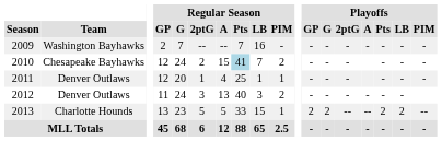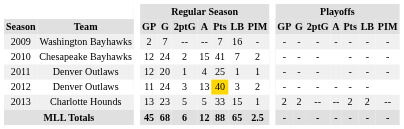 <table BORDER="0" CELLPADDING="3" CELLSPACING="0">
 <tr ALIGN="center" bgcolor="#e0e0e0">
 <th colspan="2" bgcolor="#ffffff"> </th>
 <th rowspan="99" bgcolor="#ffffff"> </th>
 <th colspan="7">Regular Season</th>
 <th rowspan="99" bgcolor="#ffffff"> </th>
 <th colspan="7">Playoffs</th>
 </tr>
 <tr ALIGN="center" bgcolor="#e0e0e0">
 <th>Season</th>
 <th>Team</th>
 <th>GP</th>
 <th>G</th>
 <th>2ptG</th>
 <th>A</th>
 <th>Pts</th>
 <th>LB</th>
 <th>PIM</th>
 <th>GP</th>
 <th>G</th>
 <th>2ptG</th>
 <th>A</th>
 <th>Pts</th>
 <th>LB</th>
 <th>PIM</th>
 </tr>
 <tr ALIGN="center" bgcolor="#f0f0f0">
 <td>2009</td>
 <td>Washington Bayhawks</td>
 <td>2</td>
 <td>7</td>
 <td>--</td>
 <td>--</td>
 <td>7</td>
 <td>16</td>
 <td>-</td>
 <td>-</td>
 <td>-</td>
 <td>-</td>
 <td>-</td>
 <td>-</td>
 <td>-</td>
 <td>-</td>
 </tr>
 <tr ALIGN="center">
 <td>2010</td>
 <td>Chesapeake Bayhawks</td>
 <td>12</td>
 <td>24</td>
 <td>2</td>
 <td>15</td>
-<td style="background: lightblue;">41</td>
+<td>41</td>
 <td>7</td>
 <td>2</td>
 <td>-</td>
 <td>-</td>
 <td>-</td>
 <td></td>
 <td>-</td>
 <td>-</td>
 <td>-</td>
 </tr>
 <tr ALIGN="center" bgcolor="#f0f0f0">
 <td>2011</td>
 <td>Denver Outlaws</td>
 <td>12</td>
 <td>20</td>
 <td>1</td>
 <td>4</td>
 <td>25</td>
 <td>1</td>
 <td>1</td>
 <td>-</td>
 <td>-</td>
 <td>-</td>
 <td></td>
 <td>-</td>
 <td>-</td>
 <td>-</td>
 </tr>
 <tr ALIGN="center">
 <td>2012</td>
 <td>Denver Outlaws</td>
 <td>11</td>
 <td>24</td>
 <td>3</td>
 <td>13</td>
-<td>40</td>
+<td style="background: gold;">40</td>
 <td>3</td>
 <td>2</td>
 <td>-</td>
 <td>-</td>
 <td>-</td>
 <td>-</td>
 <td>-</td>
 <td>-</td>
 <td -></td>
 </tr>
 <tr ALIGN="center" bgcolor="#f0f0f0">
 <td>2013</td>
 <td>Charlotte Hounds</td>
 <td>13</td>
 <td>23</td>
 <td>5</td>
 <td>5</td>
 <td>33</td>
 <td>15</td>
 <td>1</td>
 <td>2</td>
 <td>2</td>
 <td>--</td>
 <td>--</td>
 <td>2</td>
 <td>2</td>
 <td>--</td>
 </tr>
 <tr ALIGN="center" bgcolor="#e0e0e0">
 <th colspan="2">MLL Totals</th>
 <th>45</th>
 <th>68</th>
 <th>6</th>
 <th>12</th>
 <th>88</th>
 <th>65</th>
 <th>2.5</th>
 <th>-</th>
 <th>-</th>
 <th>-</th>
 <th>-</th>
 <th>-</th>
 <th>-</th>
 <th>-</th>
 </tr>
 </table>
